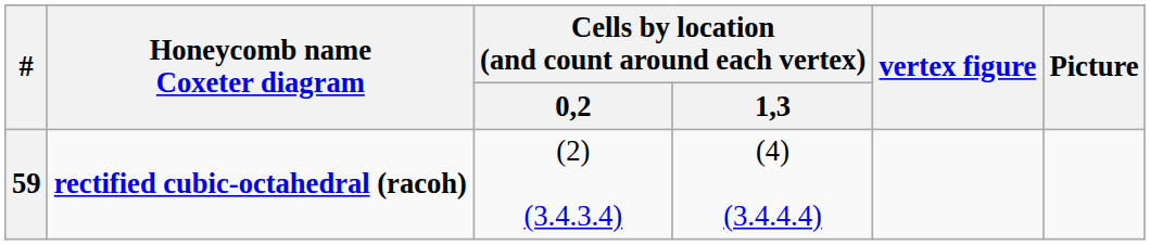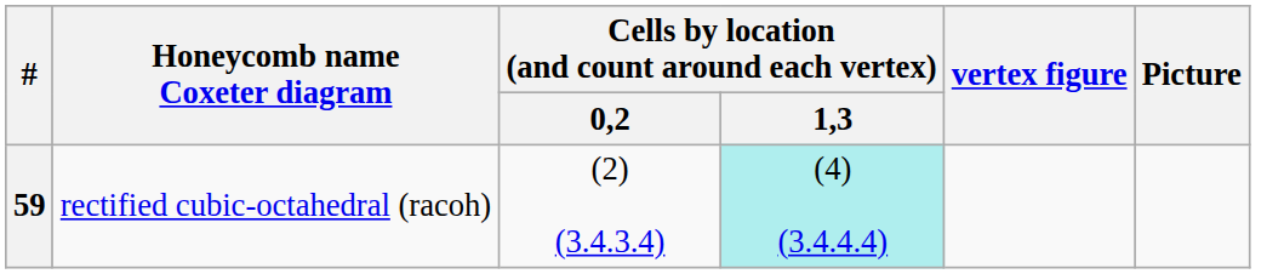 <table class="wikitable">
 <tr>
 <th rowspan=2>#</th>
 <th rowspan=2>Honeycomb name<br><a href='#'>Coxeter diagram</a><br></th>
 <th colspan=2>Cells by location<br>(and count around each vertex)</th>
 <th rowspan=2><a href='#'>vertex figure</a></th>
 <th rowspan=2>Picture</th>
 </tr>
 <tr>
 <th>0,2<br></th>
 <th>1,3<br></th>
 </tr>
 <tr align=center>
 <th>59</th>
-<td><strong><a href='#'>rectified cubic-octahedral</a> (racoh)<br></strong></td>
+<td><a href='#'>rectified cubic-octahedral</a> (racoh)<br></td>
 <td>(2)<br><br><a href='#'>(3.4.3.4)</a></td>
-<td>(4)<br><br><a href='#'>(3.4.4.4)</a></td>
+<td style="background: paleturquoise;">(4)<br><br><a href='#'>(3.4.4.4)</a></td>
 <td></td>
 <td></td>
 </tr>
 </table>
